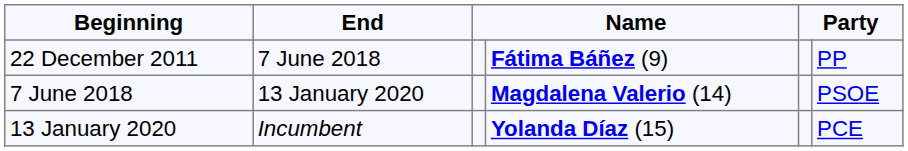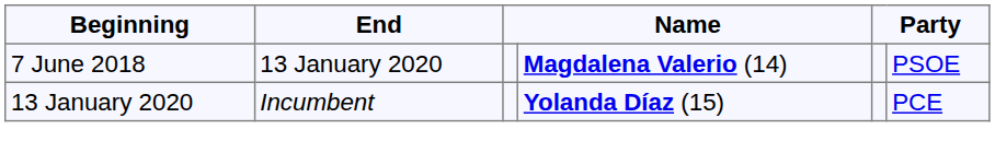 <table bgcolor="#f7f8ff" cellpadding="3" cellspacing="0" border="1" style="font-size: 95%; border: gray solid 1px; border-collapse: collapse;" width="98%">
 <tr>
 <th align="center">Beginning</th>
 <th align="center">End</th>
 <th colspan="2">Name</th>
 <th colspan="2">Party</th>
-</tr>
-<tr>
-<td>22 December 2011</td>
-<td>7 June 2018</td>
-<td></td>
-<td><strong><a href='#'>Fátima Báñez</a></strong>  (9)</td>
-<td style="background-color: "></td>
-<td><a href='#'>PP</a></td>
 </tr>
 <tr>
 <td>7 June 2018</td>
 <td>13 January 2020</td>
 <td></td>
 <td><strong><a href='#'>Magdalena Valerio</a></strong>  (14)</td>
 <td style="background-color: "></td>
 <td><a href='#'>PSOE</a></td>
 </tr>
 <tr>
 <td>13 January 2020</td>
 <td><em>Incumbent</em></td>
 <td></td>
 <td><strong><a href='#'>Yolanda Díaz</a></strong>  (15)</td>
 <td style="background-color: "></td>
 <td><a href='#'>PCE</a></td>
 </tr>
 </table>
